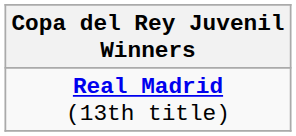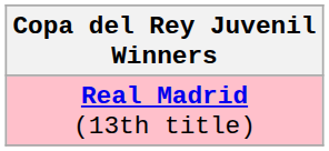 <table class="wikitable" style="text-align: center; margin: 0 auto;">
 <tr>
 <th>Copa del Rey Juvenil<br>Winners</th>
 </tr>
 <tr>
-<td><strong><a href='#'>Real Madrid</a> </strong> <br> (13th title)</td>
+<td style="background: pink;"><strong><a href='#'>Real Madrid</a> </strong> <br> (13th title)</td>
 </tr>
 </table>
